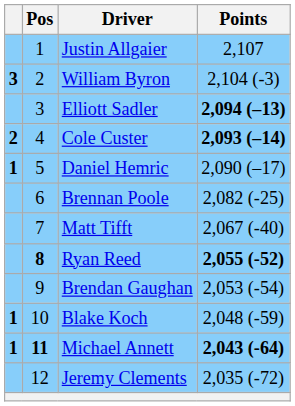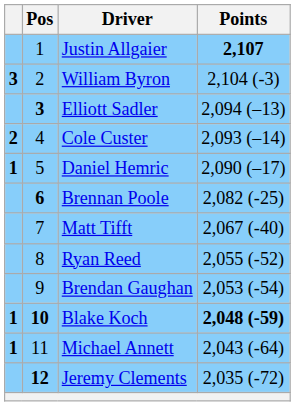 <table class="wikitable" style="font-size: 95%;">
 <tr>
 <th></th>
 <th>Pos</th>
 <th>Driver</th>
 <th>Points</th>
 </tr>
 <tr style="background:#87CEFA;">
 <td align="left"></td>
 <td style="text-align:center;">1</td>
 <td><a href='#'>Justin Allgaier</a></td>
-<td style="text-align:center;">2,107</td>
+<td style="text-align:center;"><strong>2,107</strong></td>
 </tr>
 <tr style="background:#87CEFA;">
 <td align="left"> <strong>3</strong></td>
 <td style="text-align:center;">2</td>
 <td><a href='#'>William Byron</a></td>
 <td style="text-align:center;">2,104 (-3)</td>
 </tr>
 <tr style="background:#87CEFA;">
 <td align="left"></td>
-<td style="text-align:center;">3</td>
+<td style="text-align:center;"><strong>3</strong></td>
 <td><a href='#'>Elliott Sadler</a></td>
-<td style="text-align:center;"><strong>2,094 (–13)</strong></td>
+<td style="text-align:center;">2,094 (–13)</td>
 </tr>
 <tr style="background:#87CEFA;">
 <td align="left">  <strong>2</strong></td>
 <td style="text-align:center;">4</td>
 <td><a href='#'>Cole Custer</a></td>
-<td style="text-align:center;"><strong>2,093 (–14)</strong></td>
+<td style="text-align:center;">2,093 (–14)</td>
 </tr>
 <tr style="background:#87CEFA;">
 <td align="left"> <strong>1</strong></td>
 <td style="text-align:center;">5</td>
 <td><a href='#'>Daniel Hemric</a></td>
 <td style="text-align:center;">2,090 (–17)</td>
 </tr>
 <tr style="background:#87CEFA;">
 <td align="left"></td>
-<td style="text-align:center;">6</td>
+<td style="text-align:center;"><strong>6</strong></td>
 <td><a href='#'>Brennan Poole</a></td>
 <td style="text-align:center;">2,082 (-25)</td>
 </tr>
 <tr style="background:#87CEFA;">
 <td align="left"></td>
 <td style="text-align:center;">7</td>
 <td><a href='#'>Matt Tifft</a></td>
 <td style="text-align:center;">2,067 (-40)</td>
 </tr>
 <tr style="background:#87CEFA;">
 <td align="left"></td>
-<td style="text-align:center;"><strong>8</strong></td>
+<td style="text-align:center;">8</td>
 <td><a href='#'>Ryan Reed</a></td>
-<td style="text-align:center;"><strong>2,055 (-52)</strong></td>
+<td style="text-align:center;">2,055 (-52)</td>
 </tr>
 <tr style="background:#87CEFA;">
 <td align="left"></td>
 <td style="text-align:center;">9</td>
 <td><a href='#'>Brendan Gaughan</a></td>
 <td style="text-align:center;">2,053 (-54)</td>
 </tr>
 <tr style="background:#87CEFA;">
 <td align="left"> <strong>1</strong></td>
-<td style="text-align:center;">10</td>
+<td style="text-align:center;"><strong>10</strong></td>
 <td><a href='#'>Blake Koch</a></td>
-<td style="text-align:center;">2,048 (-59)</td>
+<td style="text-align:center;"><strong>2,048 (-59)</strong></td>
 </tr>
 <tr style="background:#87CEFA;">
 <td align="left"> <strong>1</strong></td>
-<td style="text-align:center;"><strong>11</strong></td>
+<td style="text-align:center;">11</td>
 <td><a href='#'>Michael Annett</a></td>
-<td style="text-align:center;"><strong>2,043 (-64)</strong></td>
+<td style="text-align:center;">2,043 (-64)</td>
 </tr>
 <tr style="background:#87CEFA;">
 <td align="left"></td>
-<td style="text-align:center;">12</td>
+<td style="text-align:center;"><strong>12</strong></td>
 <td><a href='#'>Jeremy Clements</a></td>
 <td style="text-align:center;">2,035 (-72)</td>
 </tr>
 <tr class="sortbottom">
 <th colspan="9"></th>
 </tr>
 </table>
